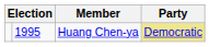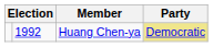 <table class="wikitable">
 <tr>
 <th colspan="2">Election</th>
 <th>Member</th>
 <th>Party</th>
 </tr>
 <tr>
 <td style="background-color: "></td>
-<td><a href='#'>1995</a></td>
+<td><a href='#'>1992</a></td>
 <td><a href='#'>Huang Chen-ya</a></td>
 <td style="background: khaki;"><a href='#'>Democratic</a></td>
 </tr>
 </table>
